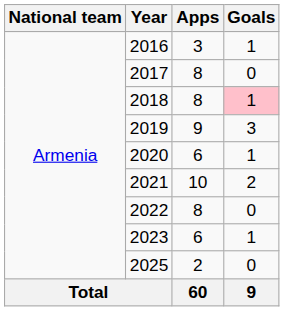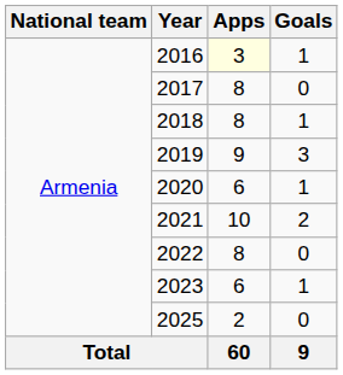 <table class="wikitable" style="text-align:center">
 <tr>
 <th>National team</th>
 <th>Year</th>
 <th>Apps</th>
 <th>Goals</th>
 </tr>
 <tr>
 <td rowspan="9"><a href='#'>Armenia</a></td>
 <td>2016</td>
-<td>3</td>
+<td style="background: lightyellow;">3</td>
 <td>1</td>
 </tr>
 <tr>
 <td>2017</td>
 <td>8</td>
 <td>0</td>
 </tr>
 <tr>
 <td>2018</td>
 <td>8</td>
-<td style="background: pink;">1</td>
+<td>1</td>
 </tr>
 <tr>
 <td>2019</td>
 <td>9</td>
 <td>3</td>
 </tr>
 <tr>
 <td>2020</td>
 <td>6</td>
 <td>1</td>
 </tr>
 <tr>
 <td>2021</td>
 <td>10</td>
 <td>2</td>
 </tr>
 <tr>
 <td>2022</td>
 <td>8</td>
 <td>0</td>
 </tr>
 <tr>
 <td>2023</td>
 <td>6</td>
 <td>1</td>
 </tr>
 <tr>
 <td>2025</td>
 <td>2</td>
 <td>0</td>
 </tr>
 <tr>
 <th colspan="2">Total</th>
 <th>60</th>
 <th>9</th>
 </tr>
 </table>
